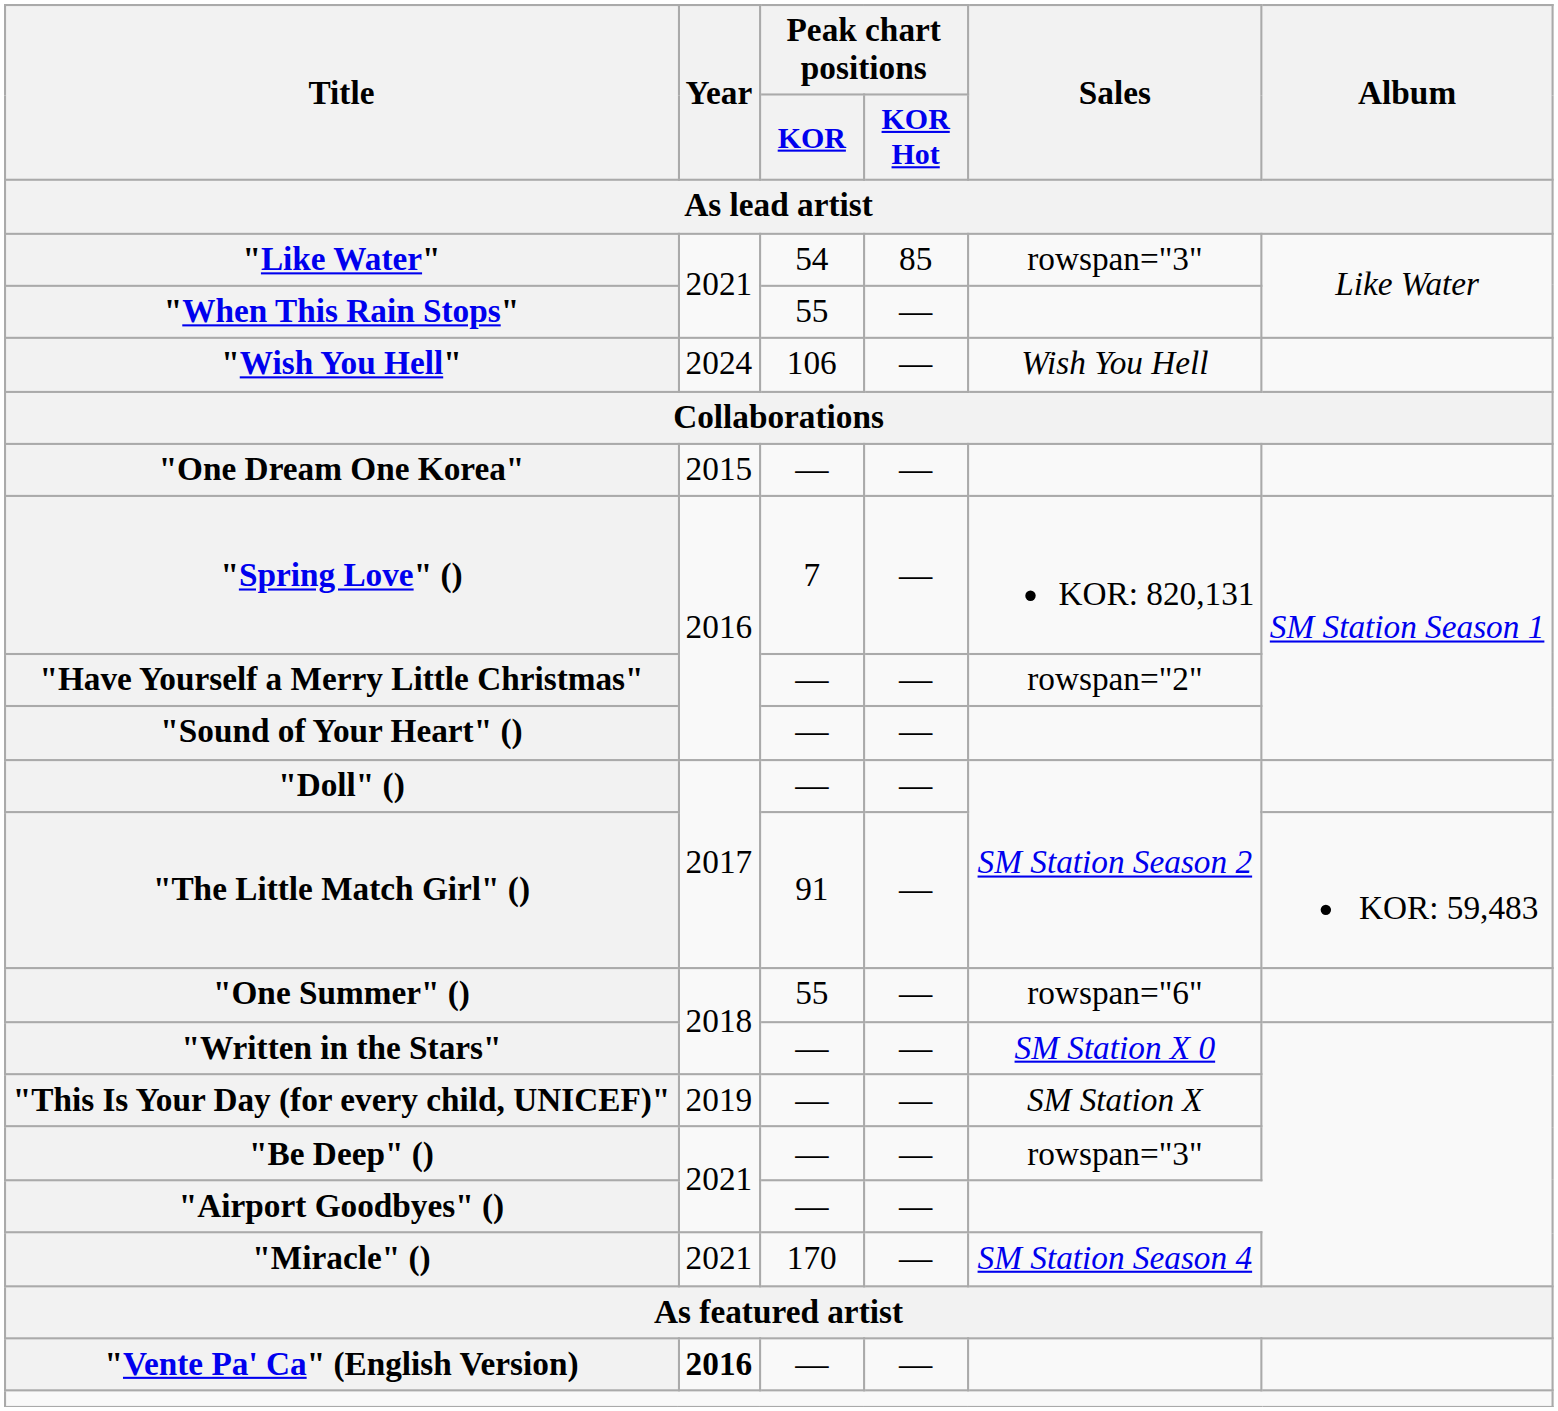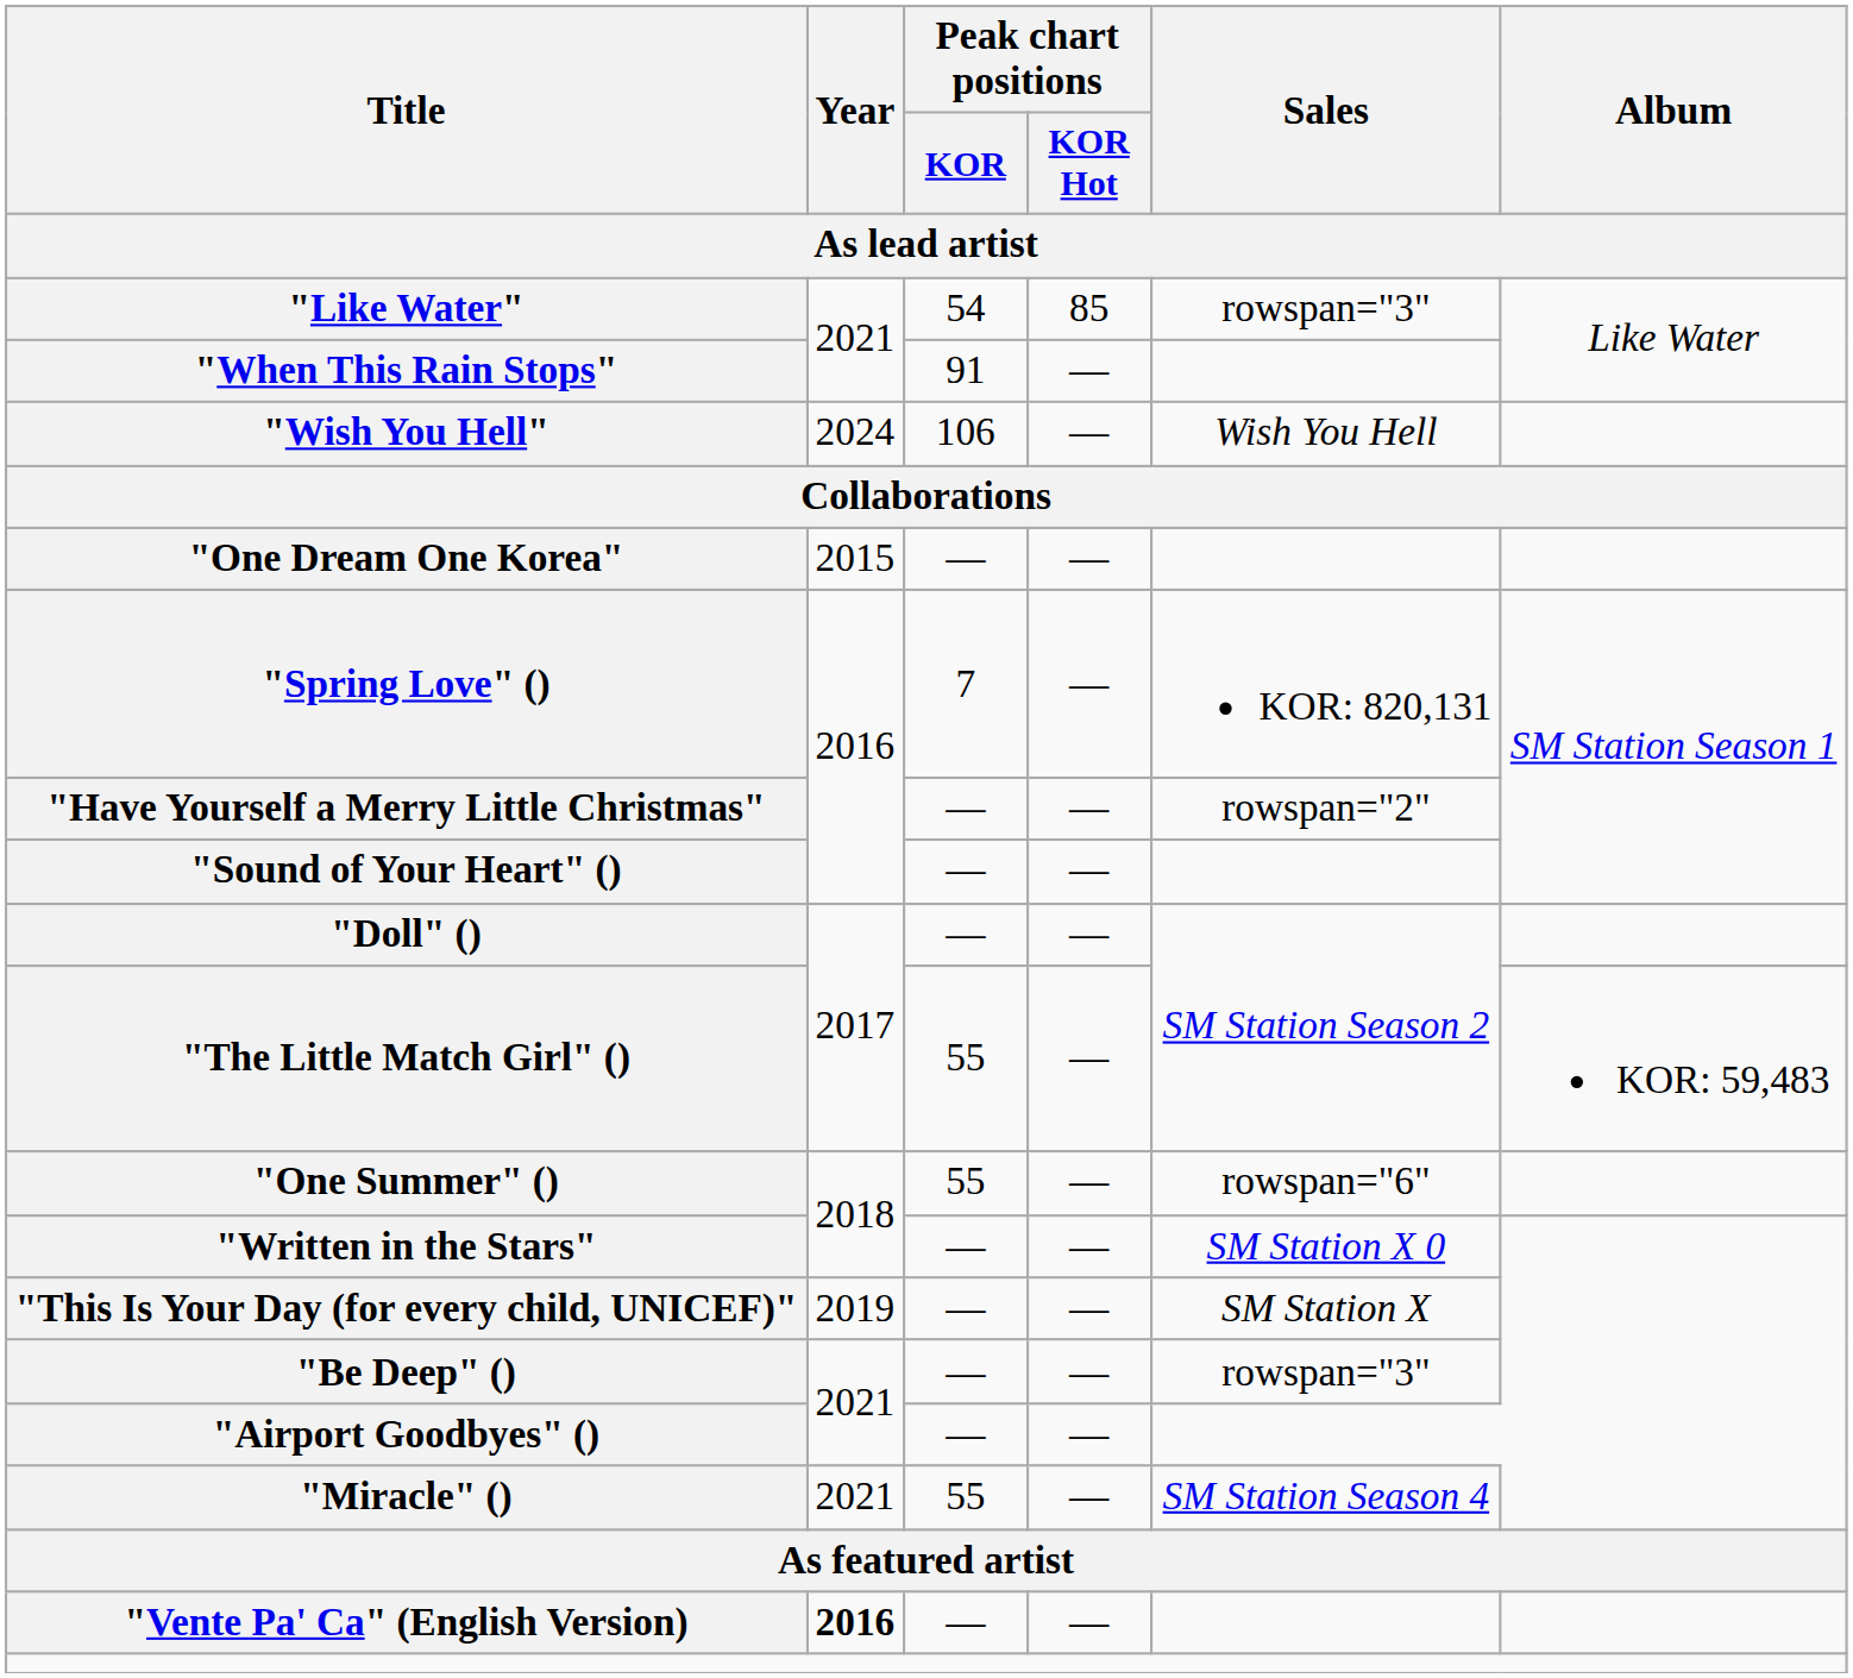 <table class="wikitable plainrowheaders" style="text-align:center">
 <tr>
 <th scope="col" rowspan="2">Title</th>
 <th scope="col" rowspan="2">Year</th>
 <th scope="col" colspan="2">Peak chart positions</th>
 <th scope="col" rowspan="2">Sales</th>
 <th scope="col" rowspan="2">Album</th>
 </tr>
 <tr>
 <th scope="col" style="font-size:90%; width:3em"><a href='#'>KOR</a><br></th>
 <th scope="col" style="font-size:90%; width:3em"><a href='#'>KOR Hot</a><br></th>
 </tr>
 <tr>
 <th colspan="6" scope="col">As lead artist</th>
 </tr>
 <tr>
 <th scope="row">"<a href='#'>Like Water</a>"</th>
 <td rowspan="2">2021</td>
 <td>54</td>
 <td>85</td>
 <td>rowspan="3" </td>
 <td rowspan="2"><em>Like Water</em></td>
 </tr>
 <tr>
 <th scope="row">"<a href='#'>When This Rain Stops</a>"</th>
-<td>55</td>
+<td>91</td>
 <td>—</td>
 </tr>
 <tr>
 <th scope="row">"<a href='#'>Wish You Hell</a>"</th>
 <td>2024</td>
 <td>106</td>
 <td>—</td>
 <td><em>Wish You Hell</em></td>
 </tr>
 <tr>
 <th colspan="6" scope="col">Collaborations</th>
 </tr>
 <tr>
 <th scope="row">"One Dream One Korea" <br></th>
 <td>2015</td>
 <td>—</td>
 <td>—</td>
 <td></td>
 <td></td>
 </tr>
 <tr>
 <th scope="row">"<a href='#'>Spring Love</a>" ()<br></th>
 <td rowspan="3">2016</td>
 <td>7</td>
 <td>—</td>
 <td><br><ul><li>KOR: 820,131</li></ul></td>
 <td rowspan="3"><em><a href='#'>SM Station Season 1</a></em></td>
 </tr>
 <tr>
 <th scope="row">"Have Yourself a Merry Little Christmas"<br></th>
 <td>—</td>
 <td>—</td>
 <td>rowspan="2" </td>
 </tr>
 <tr>
 <th scope="row">"Sound of Your Heart" ()<br></th>
 <td>—</td>
 <td>—</td>
 </tr>
 <tr>
 <th scope="row">"Doll" ()<br></th>
 <td rowspan="2">2017</td>
 <td>—</td>
 <td>—</td>
 <td rowspan="2"><em><a href='#'>SM Station Season 2</a></em></td>
 </tr>
 <tr>
 <th scope="row">"The Little Match Girl" () <br></th>
-<td>91</td>
+<td>55</td>
 <td>—</td>
 <td><br><ul><li>KOR: 59,483</li></ul></td>
 </tr>
 <tr>
 <th scope="row">"One Summer" ()<br></th>
 <td rowspan="2">2018</td>
 <td>55</td>
 <td>—</td>
 <td>rowspan="6" </td>
 <td></td>
 </tr>
 <tr>
 <th scope="row">"Written in the Stars" <br></th>
 <td>—</td>
 <td>—</td>
 <td><em><a href='#'>SM Station X 0</a></em></td>
 </tr>
 <tr>
 <th scope="row">"This Is Your Day (for every child, UNICEF)" <br></th>
 <td>2019</td>
 <td>—</td>
 <td>—</td>
 <td><em>SM Station X</em></td>
 </tr>
 <tr>
 <th scope="row">"Be Deep" ()<br></th>
 <td rowspan="2">2021</td>
 <td>—</td>
 <td>—</td>
 <td>rowspan="3" </td>
 </tr>
 <tr>
 <th scope="row">"Airport Goodbyes" ()<br></th>
 <td>—</td>
 <td>—</td>
 </tr>
 <tr>
 <th scope="row">"Miracle" () <br></th>
 <td>2021</td>
-<td>170</td>
+<td>55</td>
 <td>—</td>
 <td><em><a href='#'>SM Station Season 4</a></em></td>
 </tr>
 <tr>
 <th colspan="6">As featured artist</th>
 </tr>
 <tr>
 <th scope="row">"<a href='#'>Vente Pa' Ca</a>" (English Version) <br></th>
 <td><strong>2016</strong></td>
 <td>—</td>
 <td>—</td>
 <td></td>
 <td></td>
 </tr>
 <tr>
 <td colspan="6"></td>
 </tr>
 </table>
